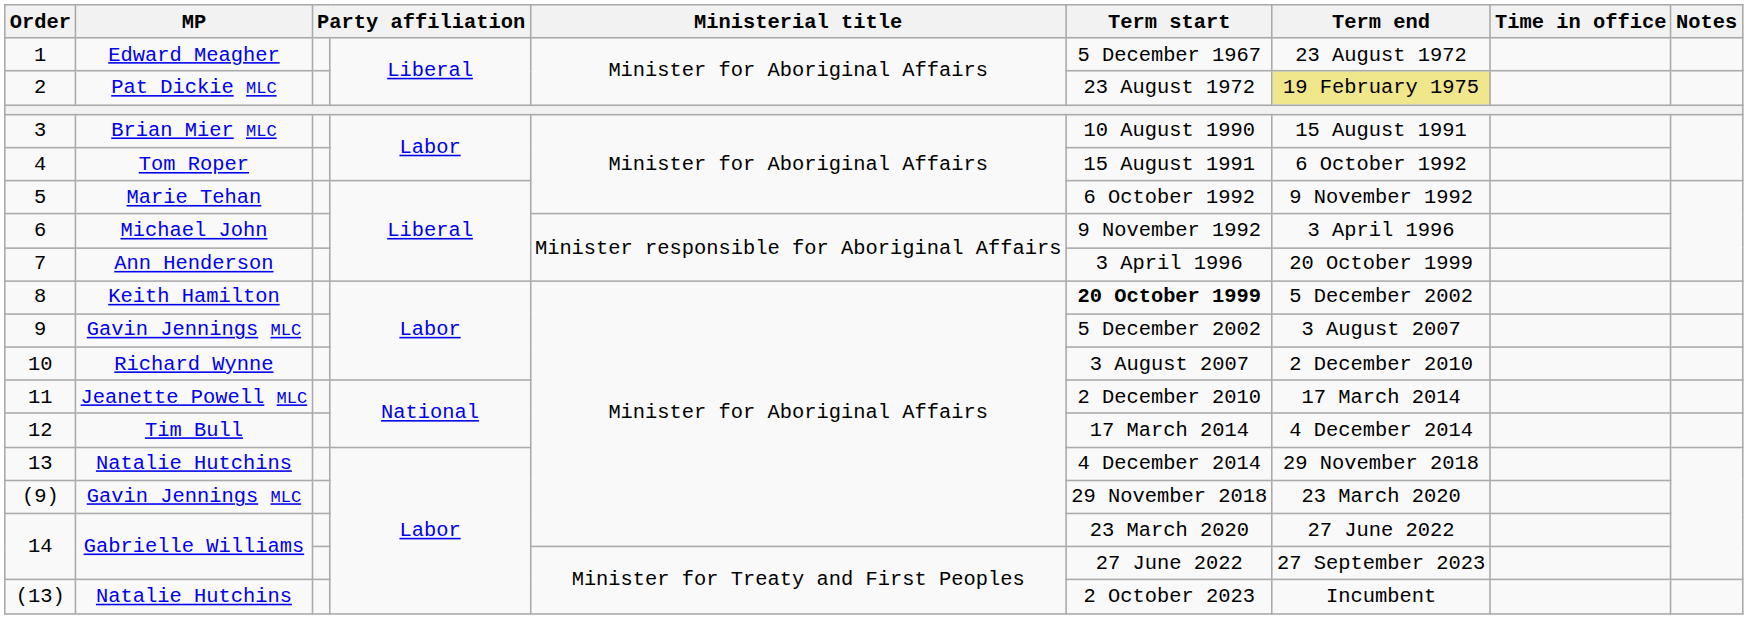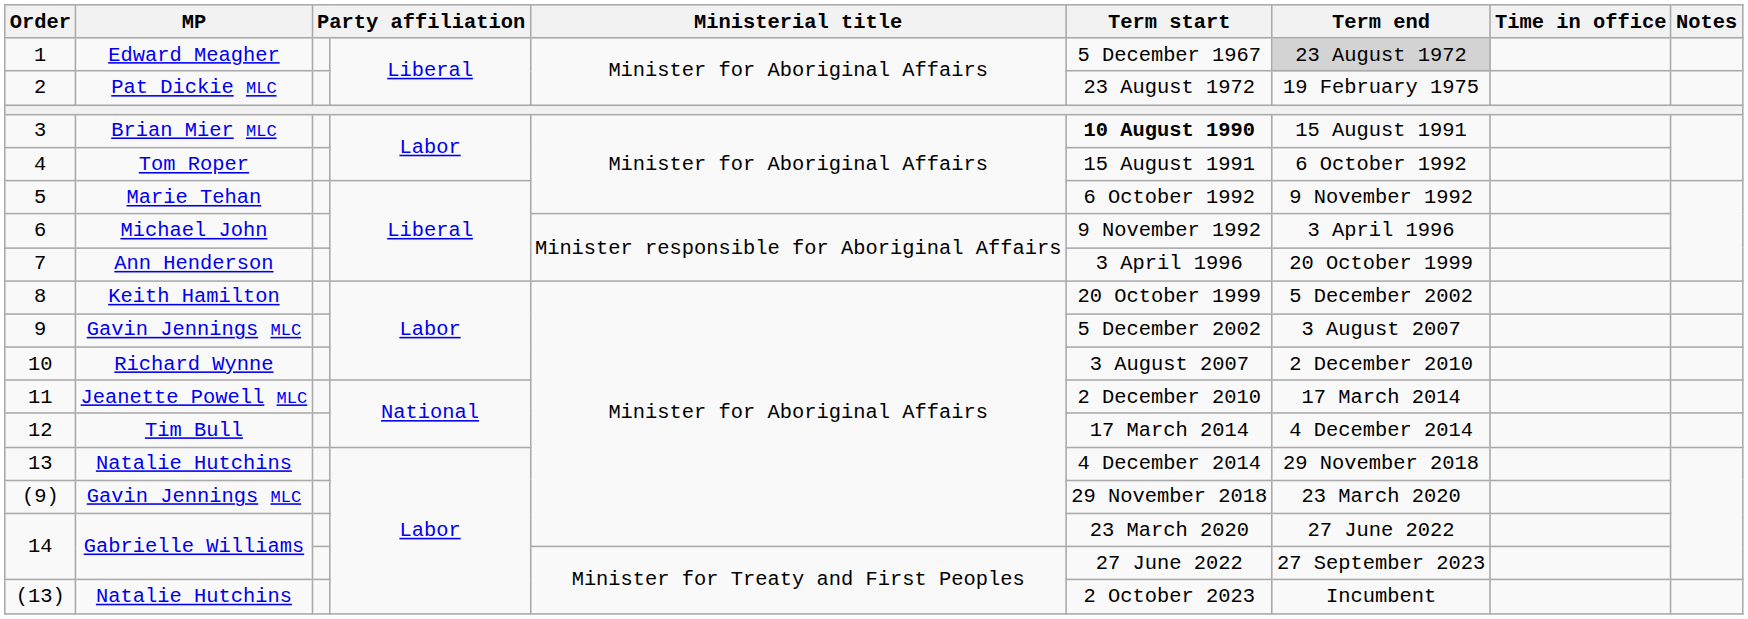 <table class="wikitable" style="text-align:center">
 <tr>
 <th>Order</th>
 <th>MP</th>
 <th colspan="2">Party affiliation</th>
 <th>Ministerial title</th>
 <th>Term start</th>
 <th>Term end</th>
 <th>Time in office</th>
 <th>Notes</th>
 </tr>
 <tr>
 <td>1</td>
 <td><a href='#'>Edward Meagher</a> </td>
 <td></td>
 <td rowspan="2"><a href='#'>Liberal</a></td>
 <td rowspan="2">Minister for Aboriginal Affairs</td>
 <td>5 December 1967</td>
-<td>23 August 1972</td>
+<td style="background: lightgrey;">23 August 1972</td>
 <td></td>
 <td></td>
 </tr>
 <tr>
 <td>2</td>
 <td><a href='#'>Pat Dickie</a> <a href='#'><small>MLC</small></a></td>
 <td></td>
 <td>23 August 1972</td>
-<td style="background: khaki;">19 February 1975</td>
+<td>19 February 1975</td>
 <td></td>
 <td></td>
 </tr>
 <tr>
 <th colspan="9"></th>
 </tr>
 <tr>
 <td>3</td>
 <td><a href='#'>Brian Mier</a> <a href='#'><small>MLC</small></a></td>
 <td></td>
 <td rowspan="2"><a href='#'>Labor</a></td>
 <td rowspan="3">Minister for Aboriginal Affairs</td>
-<td>10 August 1990</td>
+<td><strong>10 August 1990</strong></td>
 <td>15 August 1991</td>
 <td></td>
 <td rowspan="2"></td>
 </tr>
 <tr>
 <td>4</td>
 <td><a href='#'>Tom Roper</a> </td>
 <td></td>
 <td>15 August 1991</td>
 <td>6 October 1992</td>
 <td></td>
 </tr>
 <tr>
 <td>5</td>
 <td><a href='#'>Marie Tehan</a> </td>
 <td></td>
 <td rowspan="3"><a href='#'>Liberal</a></td>
 <td>6 October 1992</td>
 <td>9 November 1992</td>
 <td></td>
 <td rowspan="3"></td>
 </tr>
 <tr>
 <td>6</td>
 <td><a href='#'>Michael John</a> </td>
 <td></td>
 <td rowspan="2">Minister responsible for Aboriginal Affairs</td>
 <td>9 November 1992</td>
 <td>3 April 1996</td>
 <td></td>
 </tr>
 <tr>
 <td>7</td>
 <td><a href='#'>Ann Henderson</a> </td>
 <td></td>
 <td>3 April 1996</td>
 <td>20 October 1999</td>
 <td></td>
 </tr>
 <tr>
 <td>8</td>
 <td><a href='#'>Keith Hamilton</a> </td>
 <td></td>
 <td rowspan="3"><a href='#'>Labor</a></td>
 <td rowspan="8">Minister for Aboriginal Affairs</td>
-<td><strong>20 October 1999</strong></td>
+<td>20 October 1999</td>
 <td>5 December 2002</td>
 <td></td>
 <td></td>
 </tr>
 <tr>
 <td>9</td>
 <td><a href='#'>Gavin Jennings</a> <a href='#'><small>MLC</small></a></td>
 <td></td>
 <td>5 December 2002</td>
 <td>3 August 2007</td>
 <td></td>
 <td></td>
 </tr>
 <tr>
 <td>10</td>
 <td><a href='#'>Richard Wynne</a> </td>
 <td></td>
 <td>3 August 2007</td>
 <td>2 December 2010</td>
 <td></td>
 <td></td>
 </tr>
 <tr>
 <td>11</td>
 <td><a href='#'>Jeanette Powell</a> <a href='#'><small>MLC</small></a></td>
 <td></td>
 <td rowspan="2"><a href='#'> National</a></td>
 <td>2 December 2010</td>
 <td>17 March 2014</td>
 <td></td>
 <td></td>
 </tr>
 <tr>
 <td>12</td>
 <td><a href='#'>Tim Bull</a> </td>
 <td></td>
 <td>17 March 2014</td>
 <td>4 December 2014</td>
 <td></td>
 <td></td>
 </tr>
 <tr>
 <td>13</td>
 <td><a href='#'>Natalie Hutchins</a> </td>
 <td></td>
 <td rowspan="5"><a href='#'>Labor</a></td>
 <td>4 December 2014</td>
 <td>29 November 2018</td>
 <td></td>
 <td rowspan="4"></td>
 </tr>
 <tr>
 <td>(9)</td>
 <td><a href='#'>Gavin Jennings</a> <a href='#'><small>MLC</small></a></td>
 <td></td>
 <td>29 November 2018</td>
 <td>23 March 2020</td>
 <td></td>
 </tr>
 <tr>
 <td rowspan="2">14</td>
 <td rowspan="2"><a href='#'>Gabrielle Williams</a> </td>
 <td></td>
 <td>23 March 2020</td>
 <td>27 June 2022</td>
 <td></td>
 </tr>
 <tr>
 <td></td>
 <td rowspan="2">Minister for Treaty and First Peoples</td>
 <td>27 June 2022</td>
 <td>27 September 2023</td>
 <td></td>
 </tr>
 <tr>
 <td>(13)</td>
 <td><a href='#'>Natalie Hutchins</a> </td>
 <td></td>
 <td>2 October 2023</td>
 <td>Incumbent</td>
 <td></td>
 <td></td>
 </tr>
 </table>
